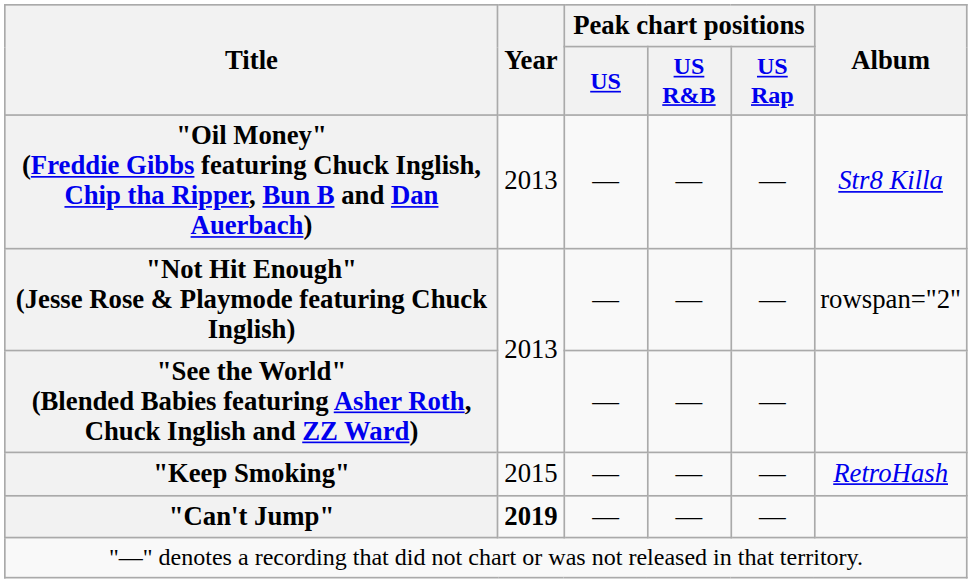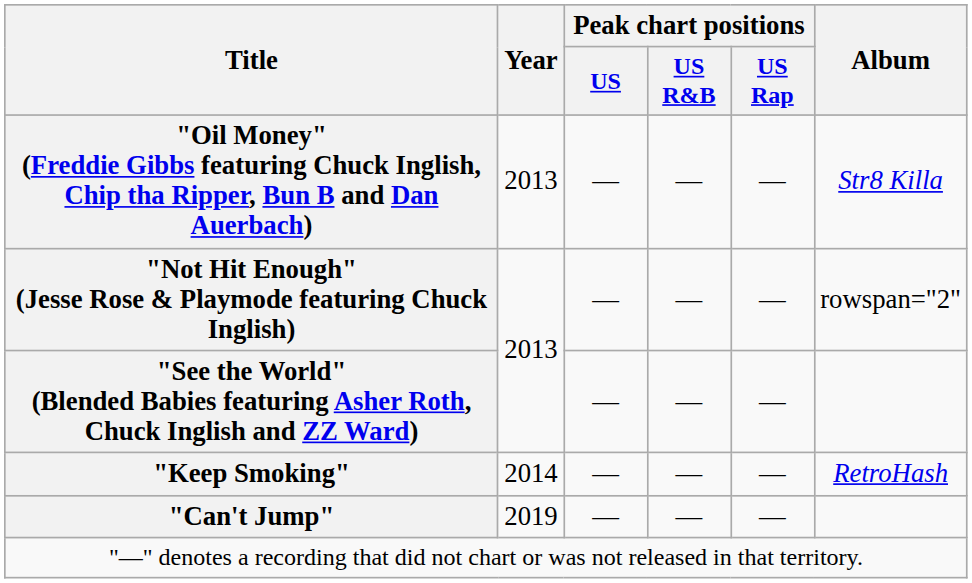 <table class="wikitable plainrowheaders" style="text-align:center;">
 <tr>
 <th scope="col" rowspan="2" style="width:18em;">Title</th>
 <th scope="col" rowspan="2">Year</th>
 <th scope="col" colspan="3">Peak chart positions</th>
 <th scope="col" rowspan="2">Album</th>
 </tr>
 <tr>
 <th scope="col" style="width:3em;font-size:90%;"><a href='#'>US</a></th>
 <th scope="col" style="width:3em;font-size:90%;"><a href='#'>US R&B</a></th>
 <th scope="col" style="width:3em;font-size:90%;"><a href='#'>US Rap</a></th>
 </tr>
 <tr>
 <th scope="row">"Oil Money"<br><span>(<a href='#'>Freddie Gibbs</a> featuring Chuck Inglish, <a href='#'>Chip tha Ripper</a>, <a href='#'>Bun B</a> and <a href='#'>Dan Auerbach</a>)</span></th>
 <td>2013</td>
 <td>—</td>
 <td>—</td>
 <td>—</td>
 <td><em><a href='#'>Str8 Killa</a></em></td>
 </tr>
 <tr>
 <th scope="row">"Not Hit Enough"<br><span>(Jesse Rose & Playmode featuring Chuck Inglish)</span></th>
 <td rowspan="2">2013</td>
 <td>—</td>
 <td>—</td>
 <td>—</td>
 <td>rowspan="2" </td>
 </tr>
 <tr>
 <th scope="row">"See the World"<br><span>(Blended Babies featuring <a href='#'>Asher Roth</a>, Chuck Inglish and <a href='#'>ZZ Ward</a>)</span></th>
 <td>—</td>
 <td>—</td>
 <td>—</td>
 </tr>
 <tr>
 <th scope="row">"Keep Smoking" </th>
-<td>2015</td>
+<td>2014</td>
 <td>—</td>
 <td>—</td>
 <td>—</td>
 <td><em><a href='#'>RetroHash</a></em></td>
 </tr>
 <tr>
 <th scope="row">"Can't Jump" </th>
-<td><strong>2019</strong></td>
+<td>2019</td>
 <td>—</td>
 <td>—</td>
 <td>—</td>
 <td></td>
 </tr>
 <tr>
 <td colspan="13" style="font-size:90%">"—" denotes a recording that did not chart or was not released in that territory.</td>
 </tr>
 </table>
